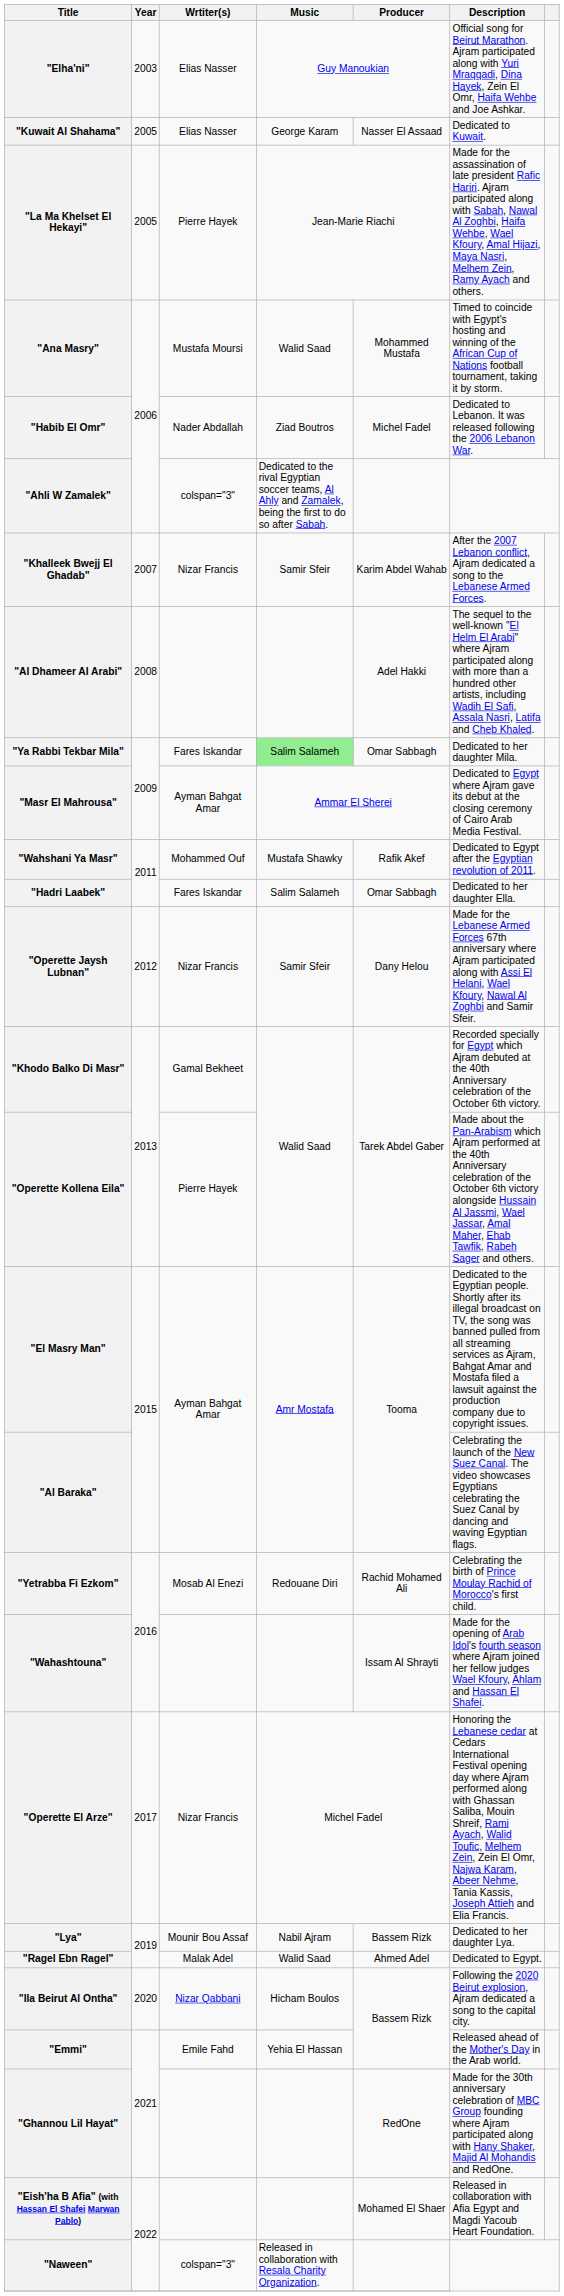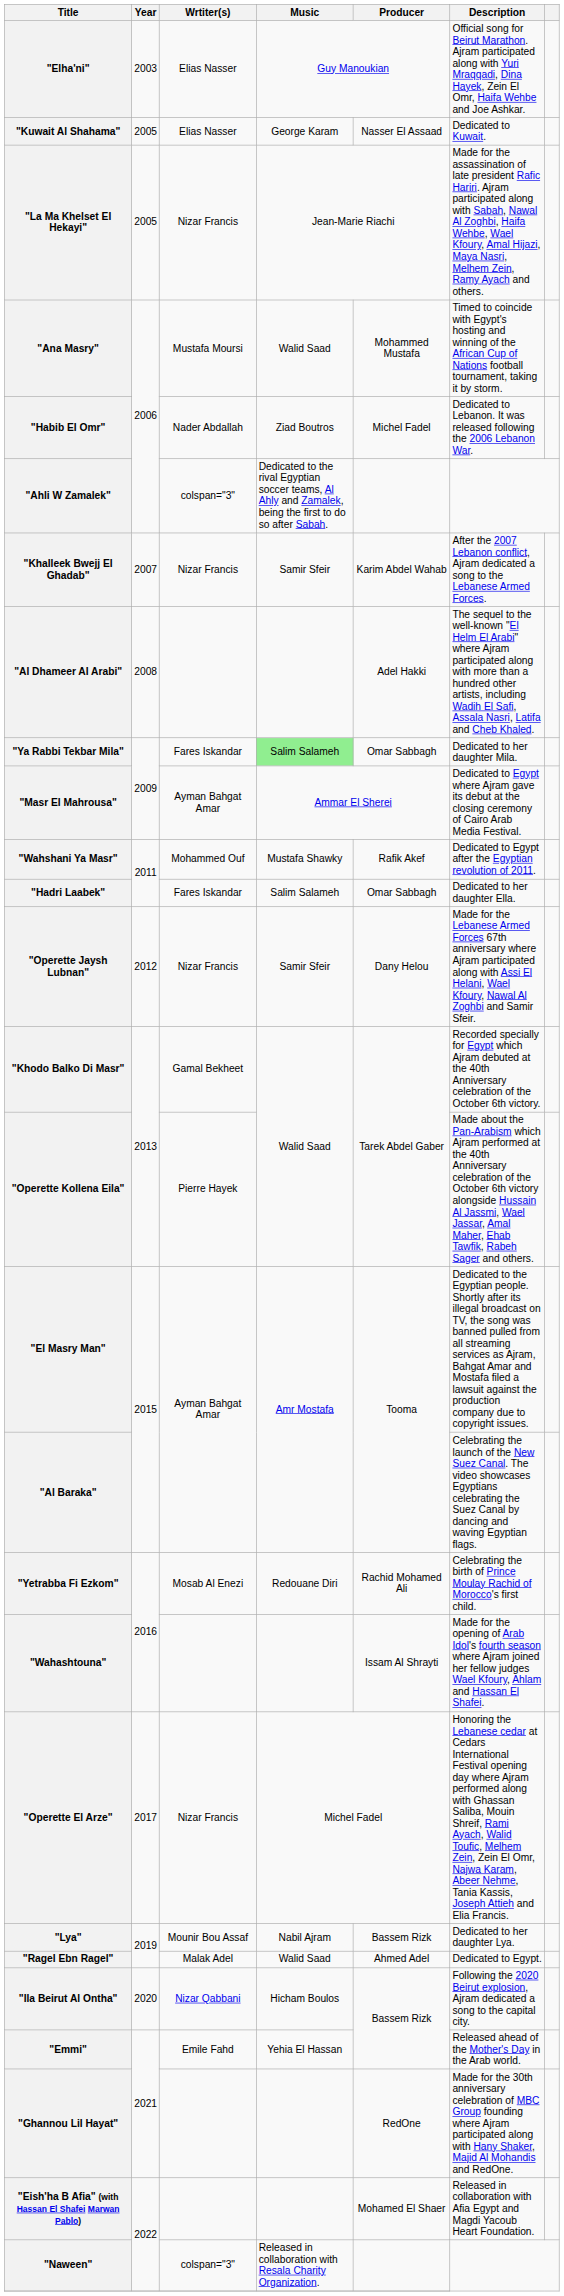 <table class="wikitable plainrowheaders" style="text-align:center;">
 <tr>
 <th scope="col" style="width:12em;">Title</th>
 <th scope="col" style="width:2em;">Year</th>
 <th scope="col" style="width:9em;">Wrtiter(s)</th>
 <th scope="col" style="width:9em;">Music</th>
 <th scope="col" style="width:9em;">Producer</th>
 <th scope="col">Description</th>
 <th scope="col" style="width: 1em;"></th>
 </tr>
 <tr>
 <th scope="row">"Elha'ni"</th>
 <td>2003</td>
 <td>Elias Nasser</td>
 <td colspan="2"><a href='#'>Guy Manoukian</a></td>
 <td style="text-align:left;">Official song for <a href='#'>Beirut Marathon</a>. Ajram participated along with <a href='#'>Yuri Mraqqadi</a>, <a href='#'>Dina Hayek</a>, Zein El Omr, <a href='#'>Haifa Wehbe</a> and Joe Ashkar.</td>
 <td></td>
 </tr>
 <tr>
 <th scope="row">"Kuwait Al Shahama"</th>
 <td>2005</td>
 <td>Elias Nasser</td>
 <td>George Karam</td>
 <td>Nasser El Assaad</td>
 <td style="text-align:left;">Dedicated to <a href='#'>Kuwait</a>.</td>
 <td></td>
 </tr>
 <tr>
 <th scope="row">"La Ma Khelset El Hekayi"</th>
 <td>2005</td>
-<td>Pierre Hayek</td>
+<td>Nizar Francis</td>
 <td colspan="2">Jean-Marie Riachi</td>
 <td style="text-align:left;">Made for the assassination of late president <a href='#'>Rafic Hariri</a>. Ajram participated along with <a href='#'>Sabah</a>, <a href='#'>Nawal Al Zoghbi</a>, <a href='#'>Haifa Wehbe</a>, <a href='#'>Wael Kfoury</a>, <a href='#'>Amal Hijazi</a>, <a href='#'>Maya Nasri</a>, <a href='#'>Melhem Zein</a>, <a href='#'>Ramy Ayach</a> and others.</td>
 <td></td>
 </tr>
 <tr>
 <th scope="row">"Ana Masry"</th>
 <td rowspan="3">2006</td>
 <td>Mustafa Moursi</td>
 <td>Walid Saad</td>
 <td>Mohammed Mustafa</td>
 <td style="text-align:left;">Timed to coincide with Egypt's hosting and winning of the <a href='#'>African Cup of Nations</a> football tournament, taking it by storm.</td>
 <td></td>
 </tr>
 <tr>
 <th scope="row">"Habib El Omr"</th>
 <td>Nader Abdallah</td>
 <td>Ziad Boutros</td>
 <td>Michel Fadel</td>
 <td style="text-align:left;">Dedicated to Lebanon. It was released following the <a href='#'>2006 Lebanon War</a>.</td>
 <td></td>
 </tr>
 <tr>
 <th scope="row">"Ahli W Zamalek"</th>
 <td>colspan="3" </td>
 <td style="text-align:left;">Dedicated to the rival Egyptian soccer teams, <a href='#'>Al Ahly</a> and <a href='#'>Zamalek</a>, being the first to do so after <a href='#'>Sabah</a>.</td>
 <td></td>
 </tr>
 <tr>
 <th scope="row">"Khalleek Bwejj El Ghadab"</th>
 <td>2007</td>
 <td>Nizar Francis</td>
 <td>Samir Sfeir</td>
 <td>Karim Abdel Wahab</td>
 <td style="text-align:left;">After the <a href='#'>2007 Lebanon conflict</a>, Ajram dedicated a song to the <a href='#'>Lebanese Armed Forces</a>.</td>
 <td></td>
 </tr>
 <tr>
 <th scope="row">"Al Dhameer Al Arabi"</th>
 <td>2008</td>
 <td></td>
 <td></td>
 <td>Adel Hakki</td>
 <td style="text-align:left;">The sequel to the well-known "<a href='#'>El Helm El Arabi</a>" where Ajram participated along with more than a hundred other artists, including <a href='#'>Wadih El Safi</a>, <a href='#'>Assala Nasri</a>, <a href='#'>Latifa</a> and <a href='#'>Cheb Khaled</a>.</td>
 <td><br></td>
 </tr>
 <tr>
 <th scope="row">"Ya Rabbi Tekbar Mila"</th>
 <td rowspan="2">2009</td>
 <td>Fares Iskandar</td>
 <td style="background: lightgreen;">Salim Salameh</td>
 <td>Omar Sabbagh</td>
 <td style="text-align:left;">Dedicated to her daughter Mila.</td>
 <td></td>
 </tr>
 <tr>
 <th scope="row">"Masr El Mahrousa"</th>
 <td>Ayman Bahgat Amar</td>
 <td colspan="2"><a href='#'>Ammar El Sherei</a></td>
 <td style="text-align:left;">Dedicated to <a href='#'>Egypt</a> where Ajram gave its debut at the closing ceremony of Cairo Arab Media Festival.</td>
 <td></td>
 </tr>
 <tr>
 <th scope="row">"Wahshani Ya Masr"</th>
 <td rowspan="2">2011</td>
 <td>Mohammed Ouf</td>
 <td>Mustafa Shawky</td>
 <td>Rafik Akef</td>
 <td style="text-align:left;">Dedicated to Egypt after the <a href='#'>Egyptian revolution of 2011</a>.</td>
 <td></td>
 </tr>
 <tr>
 <th scope="row">"Hadri Laabek"</th>
 <td>Fares Iskandar</td>
 <td>Salim Salameh</td>
 <td>Omar Sabbagh</td>
 <td style="text-align:left;">Dedicated to her daughter Ella.</td>
 <td></td>
 </tr>
 <tr>
 <th scope="row">"Operette Jaysh Lubnan"</th>
 <td>2012</td>
 <td>Nizar Francis</td>
 <td>Samir Sfeir</td>
 <td>Dany Helou</td>
 <td style="text-align:left;">Made for the <a href='#'>Lebanese Armed Forces</a> 67th anniversary where Ajram participated along with <a href='#'>Assi El Helani</a>, <a href='#'>Wael Kfoury</a>, <a href='#'>Nawal Al Zoghbi</a> and Samir Sfeir.</td>
 <td></td>
 </tr>
 <tr>
 <th scope="row">"Khodo Balko Di Masr"</th>
 <td rowspan="2">2013</td>
 <td>Gamal Bekheet</td>
 <td rowspan="2">Walid Saad</td>
 <td rowspan="2">Tarek Abdel Gaber</td>
 <td style="text-align:left;">Recorded specially for <a href='#'>Egypt</a> which Ajram debuted at the 40th Anniversary celebration of the October 6th victory.</td>
 <td></td>
 </tr>
 <tr>
 <th scope="row">"Operette Kollena Eila"</th>
 <td>Pierre Hayek</td>
 <td style="text-align:left;">Made about the <a href='#'>Pan-Arabism</a> which Ajram performed at the 40th Anniversary celebration of the October 6th victory alongside <a href='#'>Hussain Al Jassmi</a>, <a href='#'>Wael Jassar</a>, <a href='#'>Amal Maher</a>, <a href='#'>Ehab Tawfik</a>, <a href='#'>Rabeh Sager</a> and others.</td>
 <td></td>
 </tr>
 <tr>
 <th scope="row">"El Masry Man"</th>
 <td rowspan="2">2015</td>
 <td rowspan="2">Ayman Bahgat Amar</td>
 <td rowspan="2"><a href='#'>Amr Mostafa</a></td>
 <td rowspan="2">Tooma</td>
 <td style="text-align:left;">Dedicated to the Egyptian people. Shortly after its illegal broadcast on TV, the song was banned pulled from all streaming services as Ajram, Bahgat Amar and Mostafa filed a lawsuit against the production company due to copyright issues.</td>
 <td></td>
 </tr>
 <tr>
 <th scope="row">"Al Baraka"</th>
 <td style="text-align:left;">Celebrating the launch of the <a href='#'>New Suez Canal</a>. The video showcases Egyptians celebrating the Suez Canal by dancing and waving Egyptian flags.</td>
 <td></td>
 </tr>
 <tr>
 <th scope="row">"Yetrabba Fi Ezkom"</th>
 <td rowspan="2">2016</td>
 <td>Mosab Al Enezi</td>
 <td>Redouane Diri</td>
 <td>Rachid Mohamed Ali</td>
 <td style="text-align:left;">Celebrating the birth of <a href='#'>Prince Moulay Rachid of Morocco</a>'s first child.</td>
 <td></td>
 </tr>
 <tr>
 <th scope="row">"Wahashtouna"</th>
 <td></td>
 <td></td>
 <td>Issam Al Shrayti</td>
 <td style="text-align:left;">Made for the opening of <a href='#'>Arab Idol</a>'s <a href='#'>fourth season</a> where Ajram joined her fellow judges <a href='#'>Wael Kfoury</a>, <a href='#'>Ahlam</a> and <a href='#'>Hassan El Shafei</a>.</td>
 <td></td>
 </tr>
 <tr>
 <th scope="row">"Operette El Arze"</th>
 <td>2017</td>
 <td>Nizar Francis</td>
 <td colspan="2">Michel Fadel</td>
 <td style="text-align:left;">Honoring the <a href='#'>Lebanese cedar</a> at Cedars International Festival opening day where Ajram performed along with Ghassan Saliba, Mouin Shreif, <a href='#'>Rami Ayach</a>, <a href='#'>Walid Toufic</a>, <a href='#'>Melhem Zein</a>, Zein El Omr, <a href='#'>Najwa Karam</a>, <a href='#'>Abeer Nehme</a>, Tania Kassis, <a href='#'>Joseph Attieh</a> and Elia Francis.</td>
 <td></td>
 </tr>
 <tr>
 <th scope="row">"Lya"</th>
 <td rowspan="2">2019</td>
 <td>Mounir Bou Assaf</td>
 <td>Nabil Ajram</td>
 <td>Bassem Rizk</td>
 <td style="text-align:left;">Dedicated to her daughter Lya.</td>
 <td></td>
 </tr>
 <tr>
 <th scope="row">"Ragel Ebn Ragel"</th>
 <td>Malak Adel</td>
 <td>Walid Saad</td>
 <td>Ahmed Adel</td>
 <td style="text-align:left;">Dedicated to Egypt.</td>
 <td></td>
 </tr>
 <tr>
 <th scope="row">"Ila Beirut Al Ontha"</th>
 <td>2020</td>
 <td><a href='#'>Nizar Qabbani</a></td>
 <td>Hicham Boulos</td>
 <td rowspan="2">Bassem Rizk</td>
 <td style="text-align:left;">Following the <a href='#'>2020 Beirut explosion</a>, Ajram dedicated a song to the capital city.</td>
 <td></td>
 </tr>
 <tr>
 <th scope="row">"Emmi"</th>
 <td rowspan="2">2021</td>
 <td>Emile Fahd</td>
 <td>Yehia El Hassan</td>
 <td style="text-align:left;">Released ahead of the <a href='#'>Mother's Day</a> in the Arab world.</td>
 <td></td>
 </tr>
 <tr>
 <th scope="row">"Ghannou Lil Hayat"</th>
 <td></td>
 <td></td>
 <td>RedOne</td>
 <td style="text-align:left;">Made for the 30th anniversary celebration of <a href='#'>MBC Group</a> founding where Ajram participated along with <a href='#'>Hany Shaker</a>, <a href='#'>Majid Al Mohandis</a> and RedOne.</td>
 <td></td>
 </tr>
 <tr>
 <th scope="row">"Eish'ha B Afia" <small>(with <a href='#'>Hassan El Shafei</a> <a href='#'>Marwan Pablo</a>)</small></th>
 <td rowspan="2">2022</td>
 <td></td>
 <td></td>
 <td>Mohamed El Shaer</td>
 <td style="text-align:left;">Released in collaboration with Afia Egypt and Magdi Yacoub Heart Foundation.</td>
 <td></td>
 </tr>
 <tr>
 <th scope="row">"Naween"</th>
 <td>colspan="3" </td>
 <td style="text-align:left;">Released in collaboration with <a href='#'>Resala Charity Organization</a>.</td>
 <td></td>
 </tr>
 <tr>
 </tr>
 </table>
